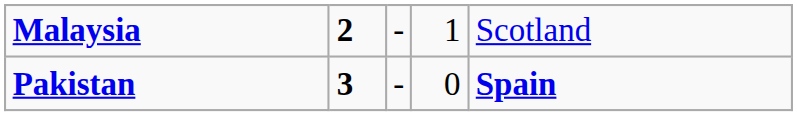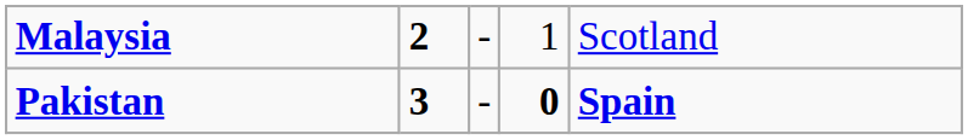 <table class="wikitable">
 <tr>
 <td width=150> <strong><a href='#'>Malaysia</a></strong></td>
 <td style="width:20px; text-align:left;"><strong>2</strong></td>
 <td>-</td>
 <td style="width:20px; text-align:right;">1</td>
 <td width=150> <a href='#'>Scotland</a></td>
 </tr>
 <tr>
 <td> <strong><a href='#'>Pakistan</a></strong></td>
 <td style="text-align:left;"><strong>3</strong></td>
 <td>-</td>
-<td style="text-align:right;">0</td>
+<td style="text-align:right;"><strong>0</strong></td>
 <td><strong> <a href='#'>Spain</a></strong></td>
 </tr>
 </table>
